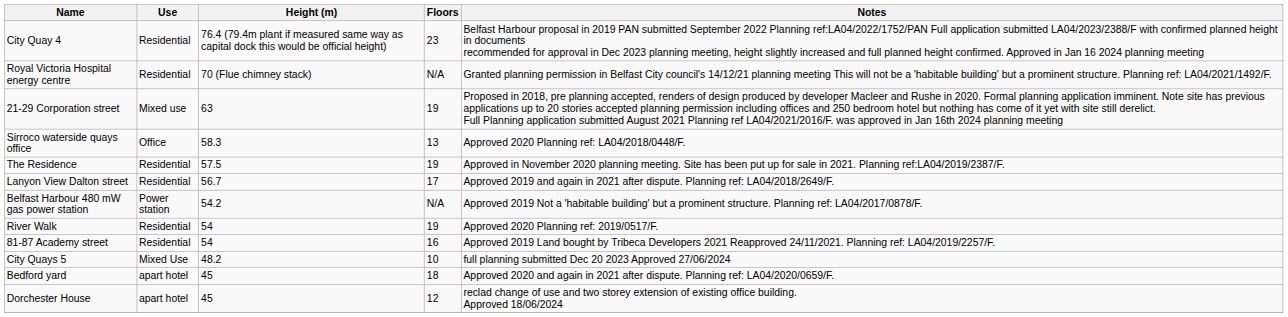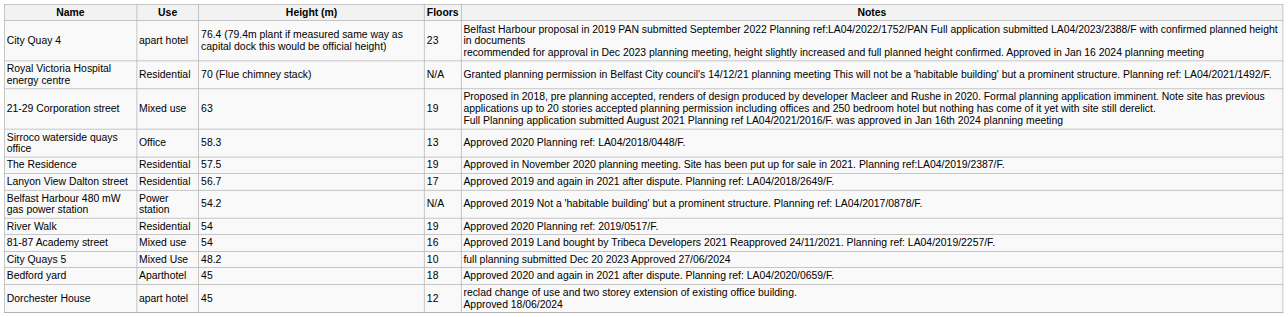 <table class="wikitable">
 <tr>
 <th>Name</th>
 <th>Use</th>
 <th>Height (m)</th>
 <th>Floors</th>
 <th>Notes</th>
 </tr>
 <tr>
 <td>City Quay 4</td>
-<td>Residential</td>
+<td>apart hotel</td>
 <td>76.4 (79.4m plant if measured same way as capital dock this would be official height)</td>
 <td>23</td>
 <td>Belfast Harbour proposal in 2019  PAN submitted September 2022 Planning ref:LA04/2022/1752/PAN  Full application submitted LA04/2023/2388/F with confirmed planned height in documents  <br>recommended for approval in Dec 2023 planning meeting, height slightly increased and full planned height confirmed.  Approved in Jan 16 2024 planning meeting </td>
 </tr>
 <tr>
 <td>Royal Victoria Hospital energy centre</td>
 <td>Residential</td>
 <td>70 (Flue chimney stack)</td>
 <td>N/A</td>
 <td>Granted planning permission in Belfast City council's 14/12/21 planning meeting   This will not be a 'habitable building' but a prominent structure. Planning ref: LA04/2021/1492/F.</td>
 </tr>
 <tr>
 <td>21-29 Corporation street</td>
 <td>Mixed use</td>
 <td>63</td>
 <td>19</td>
 <td>Proposed in 2018, pre planning accepted, renders of design produced by developer Macleer and Rushe in 2020. Formal planning application imminent. Note site has previous applications up to 20 stories accepted planning permission including offices and 250 bedroom hotel but nothing has come of it yet with site still derelict.<br>Full Planning application submitted August 2021  Planning ref LA04/2021/2016/F. was approved in Jan 16th 2024 planning meeting </td>
 </tr>
 <tr>
 <td>Sirroco waterside quays office</td>
 <td>Office</td>
 <td>58.3</td>
 <td>13</td>
 <td>Approved 2020  Planning ref: LA04/2018/0448/F.</td>
 </tr>
 <tr>
 <td>The Residence</td>
 <td>Residential</td>
 <td>57.5</td>
 <td>19</td>
 <td>Approved in November 2020 planning meeting. Site has been put up for sale in 2021. Planning ref:LA04/2019/2387/F.</td>
 </tr>
 <tr>
 <td>Lanyon View Dalton street</td>
 <td>Residential</td>
 <td>56.7</td>
 <td>17</td>
 <td>Approved 2019 and again in 2021 after dispute. Planning ref: LA04/2018/2649/F.</td>
 </tr>
 <tr>
 <td>Belfast Harbour 480 mW gas power station</td>
 <td>Power station</td>
 <td>54.2</td>
 <td>N/A</td>
 <td>Approved 2019  Not a 'habitable building' but a prominent structure. Planning ref: LA04/2017/0878/F.</td>
 </tr>
 <tr>
 <td>River Walk</td>
 <td>Residential</td>
 <td>54</td>
 <td>19</td>
 <td>Approved 2020  Planning ref: 2019/0517/F.</td>
 </tr>
 <tr>
 <td>81-87 Academy street</td>
-<td>Residential</td>
+<td>Mixed use</td>
 <td>54</td>
 <td>16</td>
 <td>Approved 2019 Land bought by Tribeca Developers 2021  Reapproved 24/11/2021. Planning ref: LA04/2019/2257/F.</td>
 </tr>
 <tr>
 <td>City Quays 5</td>
 <td>Mixed Use</td>
 <td>48.2</td>
 <td>10</td>
 <td>full planning submitted Dec 20 2023  Approved 27/06/2024 </td>
 </tr>
 <tr>
 <td>Bedford yard</td>
-<td>apart hotel</td>
+<td>Aparthotel</td>
 <td>45</td>
 <td>18</td>
 <td>Approved 2020 and again in 2021 after dispute. Planning ref: LA04/2020/0659/F.</td>
 </tr>
 <tr>
 <td>Dorchester House</td>
 <td>apart hotel</td>
 <td>45</td>
 <td>12</td>
 <td>reclad change of use and two storey extension of existing office building.<br>Approved 18/06/2024 </td>
 </tr>
 <tr>
 </tr>
 </table>
